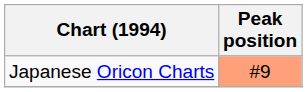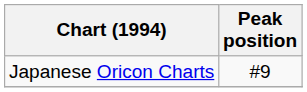 <table class="wikitable sortable">
 <tr>
 <th scope="col">Chart (1994)</th>
 <th scope="col">Peak<br>position</th>
 </tr>
 <tr>
 <td>Japanese <a href='#'>Oricon Charts</a></td>
-<td align="center" style="background: lightsalmon;">#9</td>
+<td align="center">#9</td>
 </tr>
 <tr>
 </tr>
 </table>
